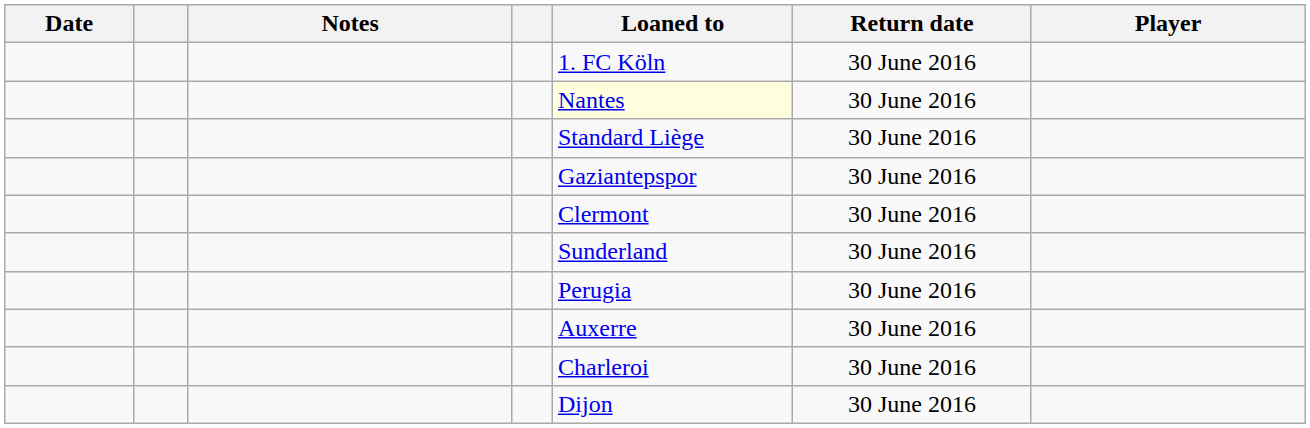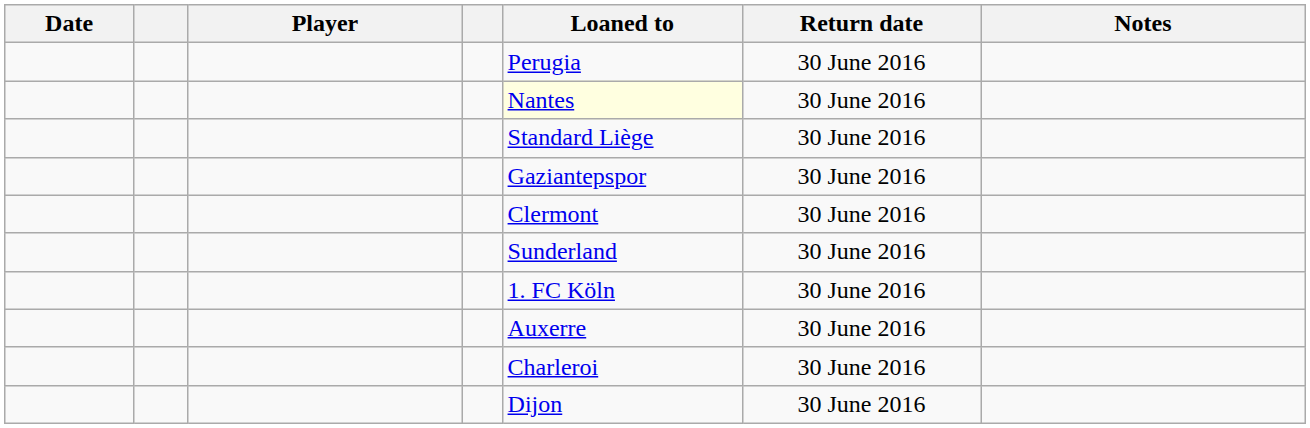 <table class="wikitable sortable">
 <tr>
 <th style="width:80px;">Date</th>
 <th style="width:30px;"></th>
-<th style="width:215px;" class="unsortable">Notes</th>
+<th style="width:180px;">Player</th>
 <th style="width:20px;"></th>
 <th style="width:155px;">Loaned to</th>
 <th style="width:155px;" class="unsortable">Return date</th>
-<th style="width:180px;">Player</th>
+<th style="width:215px;" class="unsortable">Notes</th>
 </tr>
 <tr>
 <td></td>
 <td align=center></td>
+<td> </td>
+<td></td>
+<td> <a href='#'>Perugia</a></td>
+<td align=center>30 June 2016</td>
 <td align=center></td>
-<td></td>
-<td> <a href='#'>1. FC Köln</a></td>
-<td align=center>30 June 2016</td>
-<td> </td>
 </tr>
 <tr>
 <td></td>
 <td align=center></td>
-<td align=center></td>
+<td> </td>
 <td></td>
 <td style="background: lightyellow;"> <a href='#'>Nantes</a></td>
 <td align=center>30 June 2016</td>
-<td> </td>
+<td align=center></td>
 </tr>
 <tr>
 <td></td>
 <td align=center></td>
-<td align=center></td>
+<td> </td>
 <td></td>
 <td> <a href='#'>Standard Liège</a></td>
 <td align=center>30 June 2016</td>
-<td> </td>
+<td align=center></td>
 </tr>
 <tr>
 <td></td>
 <td align=center></td>
-<td align=center></td>
+<td> </td>
 <td></td>
 <td> <a href='#'>Gaziantepspor</a></td>
 <td align=center>30 June 2016</td>
-<td> </td>
+<td align=center></td>
 </tr>
 <tr>
 <td></td>
 <td align=center></td>
-<td align=center></td>
+<td> </td>
 <td></td>
 <td> <a href='#'>Clermont</a></td>
 <td align=center>30 June 2016</td>
-<td> </td>
+<td align=center></td>
 </tr>
 <tr>
 <td></td>
 <td align=center></td>
-<td align=center></td>
+<td> </td>
 <td></td>
 <td> <a href='#'>Sunderland</a></td>
 <td align=center>30 June 2016</td>
-<td> </td>
+<td align=center></td>
 </tr>
 <tr>
 <td></td>
 <td align=center></td>
+<td> </td>
+<td></td>
+<td> <a href='#'>1. FC Köln</a></td>
+<td align=center>30 June 2016</td>
 <td align=center></td>
-<td></td>
-<td> <a href='#'>Perugia</a></td>
-<td align=center>30 June 2016</td>
-<td> </td>
 </tr>
 <tr>
 <td></td>
 <td align=center></td>
-<td align=center></td>
+<td> </td>
 <td></td>
 <td> <a href='#'>Auxerre</a></td>
 <td align=center>30 June 2016</td>
-<td> </td>
+<td align=center></td>
 </tr>
 <tr>
 <td></td>
 <td align=center></td>
-<td align=center></td>
+<td> </td>
 <td></td>
 <td> <a href='#'>Charleroi</a></td>
 <td align=center>30 June 2016</td>
-<td> </td>
+<td align=center></td>
 </tr>
 <tr>
 <td></td>
 <td align=center></td>
-<td align=center></td>
+<td> </td>
 <td></td>
 <td> <a href='#'>Dijon</a></td>
 <td align=center>30 June 2016</td>
-<td> </td>
+<td align=center></td>
 </tr>
 </table>
